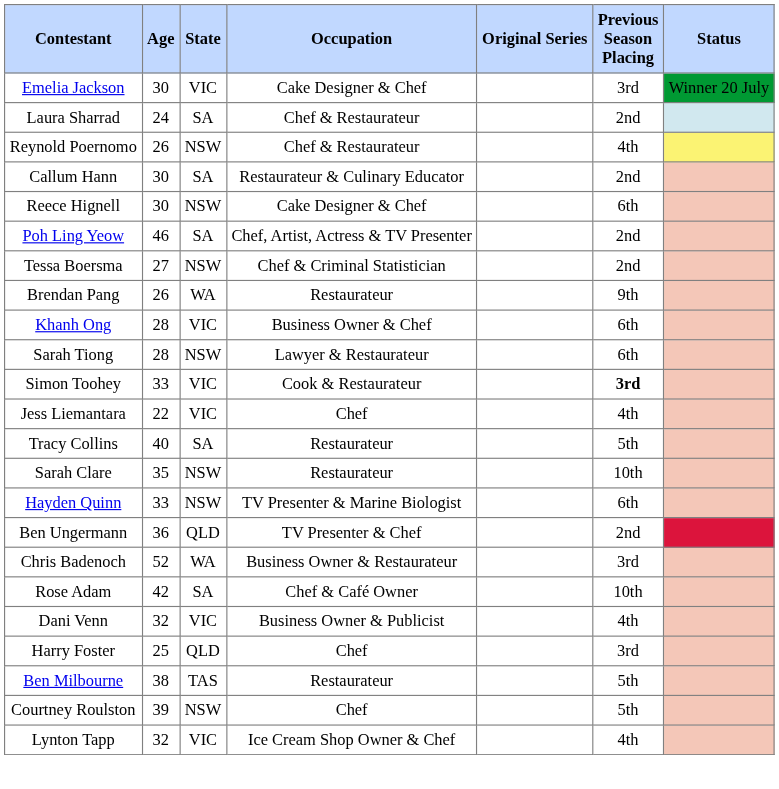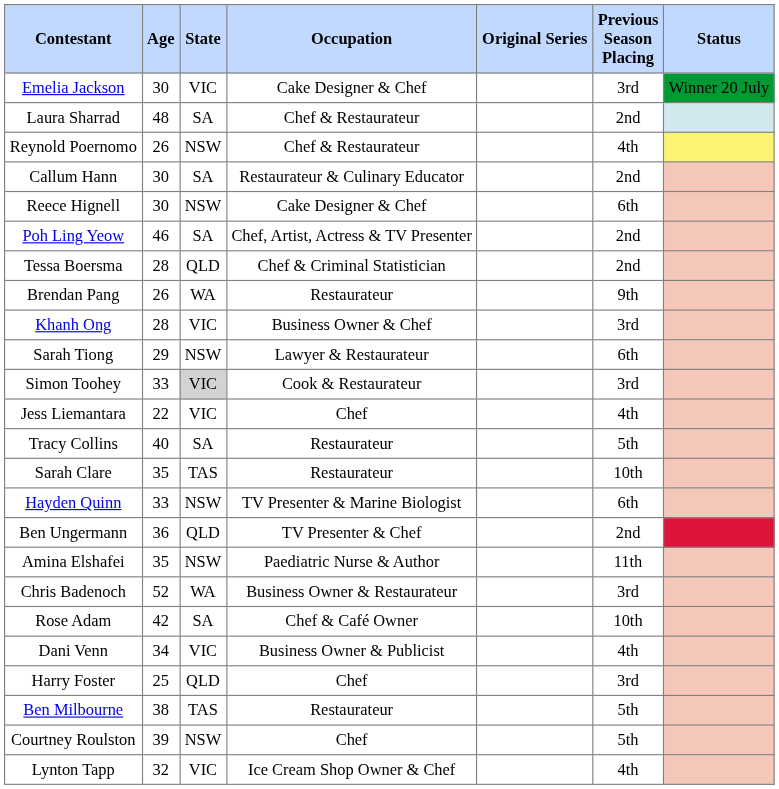 <table class="sortable" border="1" cellpadding="4" cellspacing="0" style="text-align:center; font-size:90%; border-collapse:collapse;">
 <tr style="background:#C1D8FF;">
 <th>Contestant</th>
 <th>Age</th>
 <th>State</th>
 <th>Occupation</th>
 <th>Original Series</th>
 <th>Previous<br>Season<br>Placing</th>
 <th>Status</th>
 </tr>
 <tr>
 <td><a href='#'>Emelia Jackson</a></td>
 <td>30</td>
 <td>VIC</td>
 <td>Cake Designer & Chef</td>
 <td></td>
 <td>3rd</td>
 <td style="background:#093;"><span>Winner 20 July</span></td>
 </tr>
 <tr>
 <td>Laura Sharrad</td>
-<td>24</td>
+<td>48</td>
 <td>SA</td>
 <td>Chef & Restaurateur</td>
 <td></td>
 <td>2nd</td>
 <td style="background:#d1e8ef;"></td>
 </tr>
 <tr>
 <td>Reynold Poernomo</td>
 <td>26</td>
 <td>NSW</td>
 <td>Chef & Restaurateur</td>
 <td></td>
 <td>4th</td>
 <td style="background:#fbf373;"></td>
 </tr>
 <tr>
 <td>Callum Hann</td>
 <td>30</td>
 <td>SA</td>
 <td>Restaurateur & Culinary Educator</td>
 <td></td>
 <td>2nd</td>
 <td style="background:#f4c7b8;"></td>
 </tr>
 <tr>
 <td>Reece Hignell</td>
 <td>30</td>
 <td>NSW</td>
 <td>Cake Designer & Chef</td>
 <td></td>
 <td>6th</td>
 <td style="background:#f4c7b8;"></td>
 </tr>
 <tr>
 <td><a href='#'>Poh Ling Yeow</a></td>
 <td>46</td>
 <td>SA</td>
 <td>Chef, Artist, Actress & TV Presenter</td>
 <td></td>
 <td>2nd</td>
 <td style="background:#f4c7b8;"></td>
 </tr>
 <tr>
 <td>Tessa Boersma</td>
-<td>27</td>
-<td>NSW</td>
+<td>28</td>
+<td>QLD</td>
 <td>Chef & Criminal Statistician</td>
 <td></td>
 <td>2nd</td>
 <td style="background:#f4c7b8;"></td>
 </tr>
 <tr>
 <td>Brendan Pang</td>
 <td>26</td>
 <td>WA</td>
 <td>Restaurateur</td>
 <td></td>
 <td>9th</td>
 <td style="background:#f4c7b8;"></td>
 </tr>
 <tr>
 <td><a href='#'>Khanh Ong</a></td>
 <td>28</td>
 <td>VIC</td>
 <td>Business Owner & Chef</td>
 <td></td>
-<td>6th</td>
+<td>3rd</td>
 <td style="background:#f4c7b8;"></td>
 </tr>
 <tr>
 <td>Sarah Tiong</td>
-<td>28</td>
+<td>29</td>
 <td>NSW</td>
 <td>Lawyer & Restaurateur</td>
 <td></td>
 <td>6th</td>
 <td style="background:#f4c7b8;"></td>
 </tr>
 <tr>
 <td>Simon Toohey</td>
 <td>33</td>
-<td>VIC</td>
+<td style="background: lightgrey;">VIC</td>
 <td>Cook & Restaurateur</td>
 <td></td>
-<td><strong>3rd</strong></td>
+<td>3rd</td>
 <td style="background:#f4c7b8;"></td>
 </tr>
 <tr>
 <td>Jess Liemantara</td>
 <td>22</td>
 <td>VIC</td>
 <td>Chef</td>
 <td></td>
 <td>4th</td>
 <td style="background:#f4c7b8;"></td>
 </tr>
 <tr>
 <td>Tracy Collins</td>
 <td>40</td>
 <td>SA</td>
 <td>Restaurateur</td>
 <td></td>
 <td>5th</td>
 <td style="background:#f4c7b8;"></td>
 </tr>
 <tr>
 <td>Sarah Clare</td>
 <td>35</td>
-<td>NSW</td>
+<td>TAS</td>
 <td>Restaurateur</td>
 <td></td>
 <td>10th</td>
 <td style="background:#f4c7b8;"></td>
 </tr>
 <tr>
 <td><a href='#'>Hayden Quinn</a></td>
 <td>33</td>
 <td>NSW</td>
 <td>TV Presenter & Marine Biologist</td>
 <td></td>
 <td>6th</td>
 <td style="background:#f4c7b8;"></td>
 </tr>
 <tr>
 <td>Ben Ungermann</td>
 <td>36</td>
 <td>QLD</td>
 <td>TV Presenter & Chef</td>
 <td></td>
 <td>2nd</td>
 <td style="background:crimson; color:white"></td>
 </tr>
 <tr>
+<td>Amina Elshafei</td>
+<td>35</td>
+<td>NSW</td>
+<td>Paediatric Nurse & Author</td>
+<td></td>
+<td>11th</td>
+<td style="background:#f4c7b8;"></td>
+</tr>
+<tr>
 <td>Chris Badenoch</td>
 <td>52</td>
 <td>WA</td>
 <td>Business Owner & Restaurateur</td>
 <td></td>
 <td>3rd</td>
 <td style="background:#f4c7b8;"></td>
 </tr>
 <tr>
 <td>Rose Adam</td>
 <td>42</td>
 <td>SA</td>
 <td>Chef & Café Owner</td>
 <td></td>
 <td>10th</td>
 <td style="background:#f4c7b8;"></td>
 </tr>
 <tr>
 <td>Dani Venn</td>
-<td>32</td>
+<td>34</td>
 <td>VIC</td>
 <td>Business Owner & Publicist</td>
 <td></td>
 <td>4th</td>
 <td style="background:#f4c7b8;"></td>
 </tr>
 <tr>
 <td>Harry Foster</td>
 <td>25</td>
 <td>QLD</td>
 <td>Chef</td>
 <td></td>
 <td>3rd</td>
 <td style="background:#f4c7b8;"></td>
 </tr>
 <tr>
 <td><a href='#'>Ben Milbourne</a></td>
 <td>38</td>
 <td>TAS</td>
 <td>Restaurateur</td>
 <td></td>
 <td>5th</td>
 <td style="background:#f4c7b8;"></td>
 </tr>
 <tr>
 <td>Courtney Roulston</td>
 <td>39</td>
 <td>NSW</td>
 <td>Chef</td>
 <td></td>
 <td>5th</td>
 <td style="background:#f4c7b8;"></td>
 </tr>
 <tr>
 <td>Lynton Tapp</td>
 <td>32</td>
 <td>VIC</td>
 <td>Ice Cream Shop Owner & Chef</td>
 <td></td>
 <td>4th</td>
 <td style="background:#f4c7b8"></td>
 </tr>
 </table>
